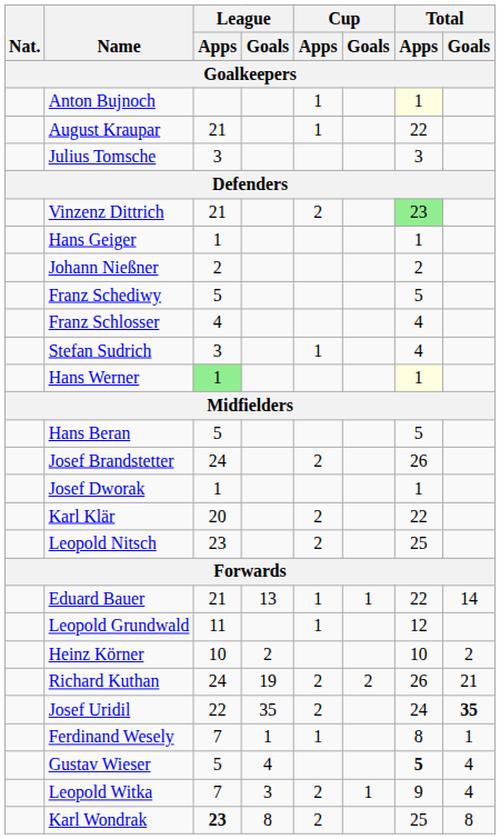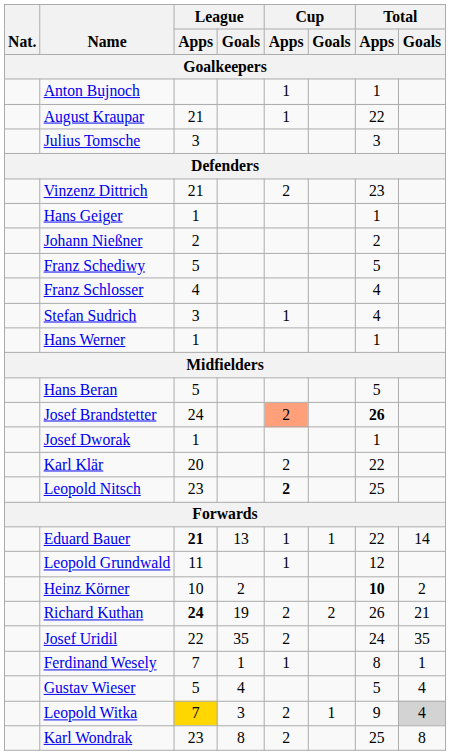 <table class="wikitable" style="text-align:center">
 <tr>
 <th rowspan="2" valign="bottom">Nat.</th>
 <th rowspan="2" valign="bottom">Name</th>
 <th colspan="2" width="85">League</th>
 <th colspan="2" width="85">Cup</th>
 <th colspan="2" width="85">Total</th>
 </tr>
 <tr>
 <th>Apps</th>
 <th>Goals</th>
 <th>Apps</th>
 <th>Goals</th>
 <th>Apps</th>
 <th>Goals</th>
 </tr>
 <tr>
 <th colspan=15>Goalkeepers</th>
 </tr>
 <tr>
 <td></td>
 <td align="left"><a href='#'>Anton Bujnoch</a></td>
 <td></td>
 <td></td>
 <td>1</td>
 <td></td>
-<td style="background: lightyellow;">1</td>
+<td>1</td>
 <td></td>
 </tr>
 <tr>
 <td></td>
 <td align="left"><a href='#'>August Kraupar</a></td>
 <td>21</td>
 <td></td>
 <td>1</td>
 <td></td>
 <td>22</td>
 <td></td>
 </tr>
 <tr>
 <td></td>
 <td align="left"><a href='#'>Julius Tomsche</a></td>
 <td>3</td>
 <td></td>
 <td></td>
 <td></td>
 <td>3</td>
 <td></td>
 </tr>
 <tr>
 <th colspan=15>Defenders</th>
 </tr>
 <tr>
 <td></td>
 <td align="left"><a href='#'>Vinzenz Dittrich</a></td>
 <td>21</td>
 <td></td>
 <td>2</td>
 <td></td>
-<td style="background: lightgreen;">23</td>
+<td>23</td>
 <td></td>
 </tr>
 <tr>
 <td></td>
 <td align="left"><a href='#'>Hans Geiger</a></td>
 <td>1</td>
 <td></td>
 <td></td>
 <td></td>
 <td>1</td>
 <td></td>
 </tr>
 <tr>
 <td></td>
 <td align="left"><a href='#'>Johann Nießner</a></td>
 <td>2</td>
 <td></td>
 <td></td>
 <td></td>
 <td>2</td>
 <td></td>
 </tr>
 <tr>
 <td></td>
 <td align="left"><a href='#'>Franz Schediwy</a></td>
 <td>5</td>
 <td></td>
 <td></td>
 <td></td>
 <td>5</td>
 <td></td>
 </tr>
 <tr>
 <td></td>
 <td align="left"><a href='#'>Franz Schlosser</a></td>
 <td>4</td>
 <td></td>
 <td></td>
 <td></td>
 <td>4</td>
 <td></td>
 </tr>
 <tr>
 <td></td>
 <td align="left"><a href='#'>Stefan Sudrich</a></td>
 <td>3</td>
 <td></td>
 <td>1</td>
 <td></td>
 <td>4</td>
 <td></td>
 </tr>
 <tr>
 <td></td>
 <td align="left"><a href='#'>Hans Werner</a></td>
-<td style="background: lightgreen;">1</td>
+<td>1</td>
 <td></td>
 <td></td>
 <td></td>
-<td style="background: lightyellow;">1</td>
+<td>1</td>
 <td></td>
 </tr>
 <tr>
 <th colspan=15>Midfielders</th>
 </tr>
 <tr>
 <td></td>
 <td align="left"><a href='#'>Hans Beran</a></td>
 <td>5</td>
 <td></td>
 <td></td>
 <td></td>
 <td>5</td>
 <td></td>
 </tr>
 <tr>
 <td></td>
 <td align="left"><a href='#'>Josef Brandstetter</a></td>
 <td>24</td>
 <td></td>
-<td>2</td>
+<td style="background: lightsalmon;">2</td>
 <td></td>
-<td>26</td>
+<td><strong>26</strong></td>
 <td></td>
 </tr>
 <tr>
 <td></td>
 <td align="left"><a href='#'>Josef Dworak</a></td>
 <td>1</td>
 <td></td>
 <td></td>
 <td></td>
 <td>1</td>
 <td></td>
 </tr>
 <tr>
 <td></td>
 <td align="left"><a href='#'>Karl Klär</a></td>
 <td>20</td>
 <td></td>
 <td>2</td>
 <td></td>
 <td>22</td>
 <td></td>
 </tr>
 <tr>
 <td></td>
 <td align="left"><a href='#'>Leopold Nitsch</a></td>
 <td>23</td>
 <td></td>
-<td>2</td>
+<td><strong>2</strong></td>
 <td></td>
 <td>25</td>
 <td></td>
 </tr>
 <tr>
 <th colspan=15>Forwards</th>
 </tr>
 <tr>
 <td></td>
 <td align="left"><a href='#'>Eduard Bauer</a></td>
-<td>21</td>
+<td><strong>21</strong></td>
 <td>13</td>
 <td>1</td>
 <td>1</td>
 <td>22</td>
 <td>14</td>
 </tr>
 <tr>
 <td></td>
 <td align="left"><a href='#'>Leopold Grundwald</a></td>
 <td>11</td>
 <td></td>
 <td>1</td>
 <td></td>
 <td>12</td>
 <td></td>
 </tr>
 <tr>
 <td></td>
 <td align="left"><a href='#'>Heinz Körner</a></td>
 <td>10</td>
 <td>2</td>
 <td></td>
 <td></td>
-<td>10</td>
+<td><strong>10</strong></td>
 <td>2</td>
 </tr>
 <tr>
 <td></td>
 <td align="left"><a href='#'>Richard Kuthan</a></td>
-<td>24</td>
+<td><strong>24</strong></td>
 <td>19</td>
 <td>2</td>
 <td>2</td>
 <td>26</td>
 <td>21</td>
 </tr>
 <tr>
 <td></td>
 <td align="left"><a href='#'>Josef Uridil</a></td>
 <td>22</td>
 <td>35</td>
 <td>2</td>
 <td></td>
 <td>24</td>
-<td><strong>35</strong></td>
+<td>35</td>
 </tr>
 <tr>
 <td></td>
 <td align="left"><a href='#'>Ferdinand Wesely</a></td>
 <td>7</td>
 <td>1</td>
 <td>1</td>
 <td></td>
 <td>8</td>
 <td>1</td>
 </tr>
 <tr>
 <td></td>
 <td align="left"><a href='#'>Gustav Wieser</a></td>
 <td>5</td>
 <td>4</td>
 <td></td>
 <td></td>
-<td><strong>5</strong></td>
+<td>5</td>
 <td>4</td>
 </tr>
 <tr>
 <td></td>
 <td align="left"><a href='#'>Leopold Witka</a></td>
-<td>7</td>
+<td style="background: gold;">7</td>
 <td>3</td>
 <td>2</td>
 <td>1</td>
 <td>9</td>
-<td>4</td>
+<td style="background: lightgrey;">4</td>
 </tr>
 <tr>
 <td></td>
 <td align="left"><a href='#'>Karl Wondrak</a></td>
-<td><strong>23</strong></td>
+<td>23</td>
 <td>8</td>
 <td>2</td>
 <td></td>
 <td>25</td>
 <td>8</td>
 </tr>
 </table>
